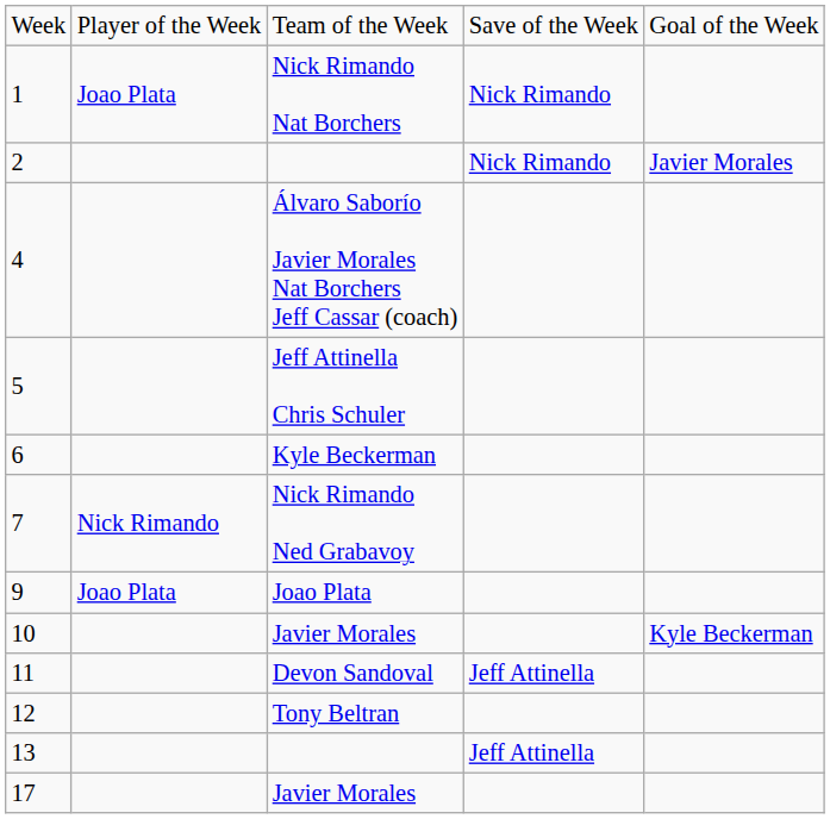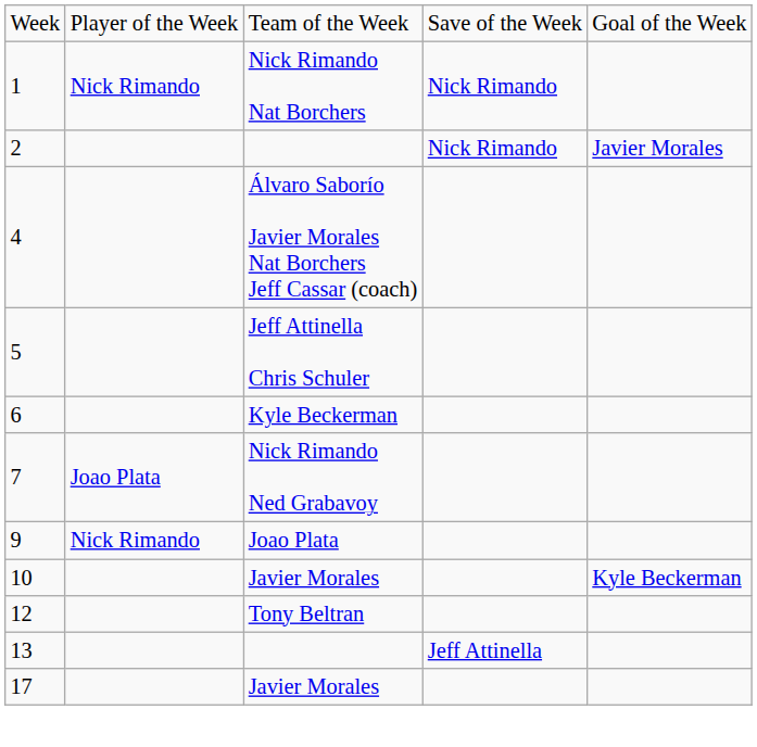 <table class="wikitable" style="font-size: 95%; text-align: left;">
 <tr>
 <td>Week</td>
 <td>Player of the Week</td>
 <td>Team of the Week</td>
 <td>Save of the Week</td>
 <td>Goal of the Week</td>
 </tr>
 <tr>
 <td>1</td>
-<td> <a href='#'>Joao Plata</a></td>
+<td> <a href='#'>Nick Rimando</a></td>
 <td> <a href='#'>Nick Rimando</a><br><br> <a href='#'>Nat Borchers</a></td>
 <td> <a href='#'>Nick Rimando</a></td>
 <td></td>
 </tr>
 <tr>
 <td>2</td>
 <td></td>
 <td></td>
 <td> <a href='#'>Nick Rimando</a></td>
 <td> <a href='#'>Javier Morales</a></td>
 </tr>
 <tr>
 <td>4</td>
 <td></td>
 <td> <a href='#'>Álvaro Saborío</a><br><br> <a href='#'>Javier Morales</a> <br>  <a href='#'>Nat Borchers</a> <br>  <a href='#'>Jeff Cassar</a> (coach)</td>
 <td></td>
 <td></td>
 </tr>
 <tr>
 <td>5</td>
 <td></td>
 <td> <a href='#'>Jeff Attinella</a><br><br> <a href='#'>Chris Schuler</a></td>
 <td></td>
 <td></td>
 </tr>
 <tr>
 <td>6</td>
 <td></td>
 <td> <a href='#'>Kyle Beckerman</a></td>
 <td></td>
 <td></td>
 </tr>
 <tr>
 <td>7</td>
-<td> <a href='#'>Nick Rimando</a></td>
+<td> <a href='#'>Joao Plata</a></td>
 <td> <a href='#'>Nick Rimando</a><br><br> <a href='#'>Ned Grabavoy</a></td>
 <td></td>
 <td></td>
 </tr>
 <tr>
 <td>9</td>
-<td> <a href='#'>Joao Plata</a></td>
+<td> <a href='#'>Nick Rimando</a></td>
 <td> <a href='#'>Joao Plata</a></td>
 <td></td>
 <td></td>
 </tr>
 <tr>
 <td>10</td>
 <td></td>
 <td> <a href='#'>Javier Morales</a></td>
 <td></td>
 <td> <a href='#'>Kyle Beckerman</a></td>
-</tr>
-<tr>
-<td>11</td>
-<td></td>
-<td> <a href='#'>Devon Sandoval</a></td>
-<td> <a href='#'>Jeff Attinella</a></td>
-<td></td>
 </tr>
 <tr>
 <td>12</td>
 <td></td>
 <td> <a href='#'>Tony Beltran</a></td>
 <td></td>
 <td></td>
 </tr>
 <tr>
 <td>13</td>
 <td></td>
 <td></td>
 <td> <a href='#'>Jeff Attinella</a></td>
 <td></td>
 </tr>
 <tr>
 <td>17</td>
 <td></td>
 <td> <a href='#'>Javier Morales</a></td>
 <td></td>
 <td></td>
 </tr>
 </table>
